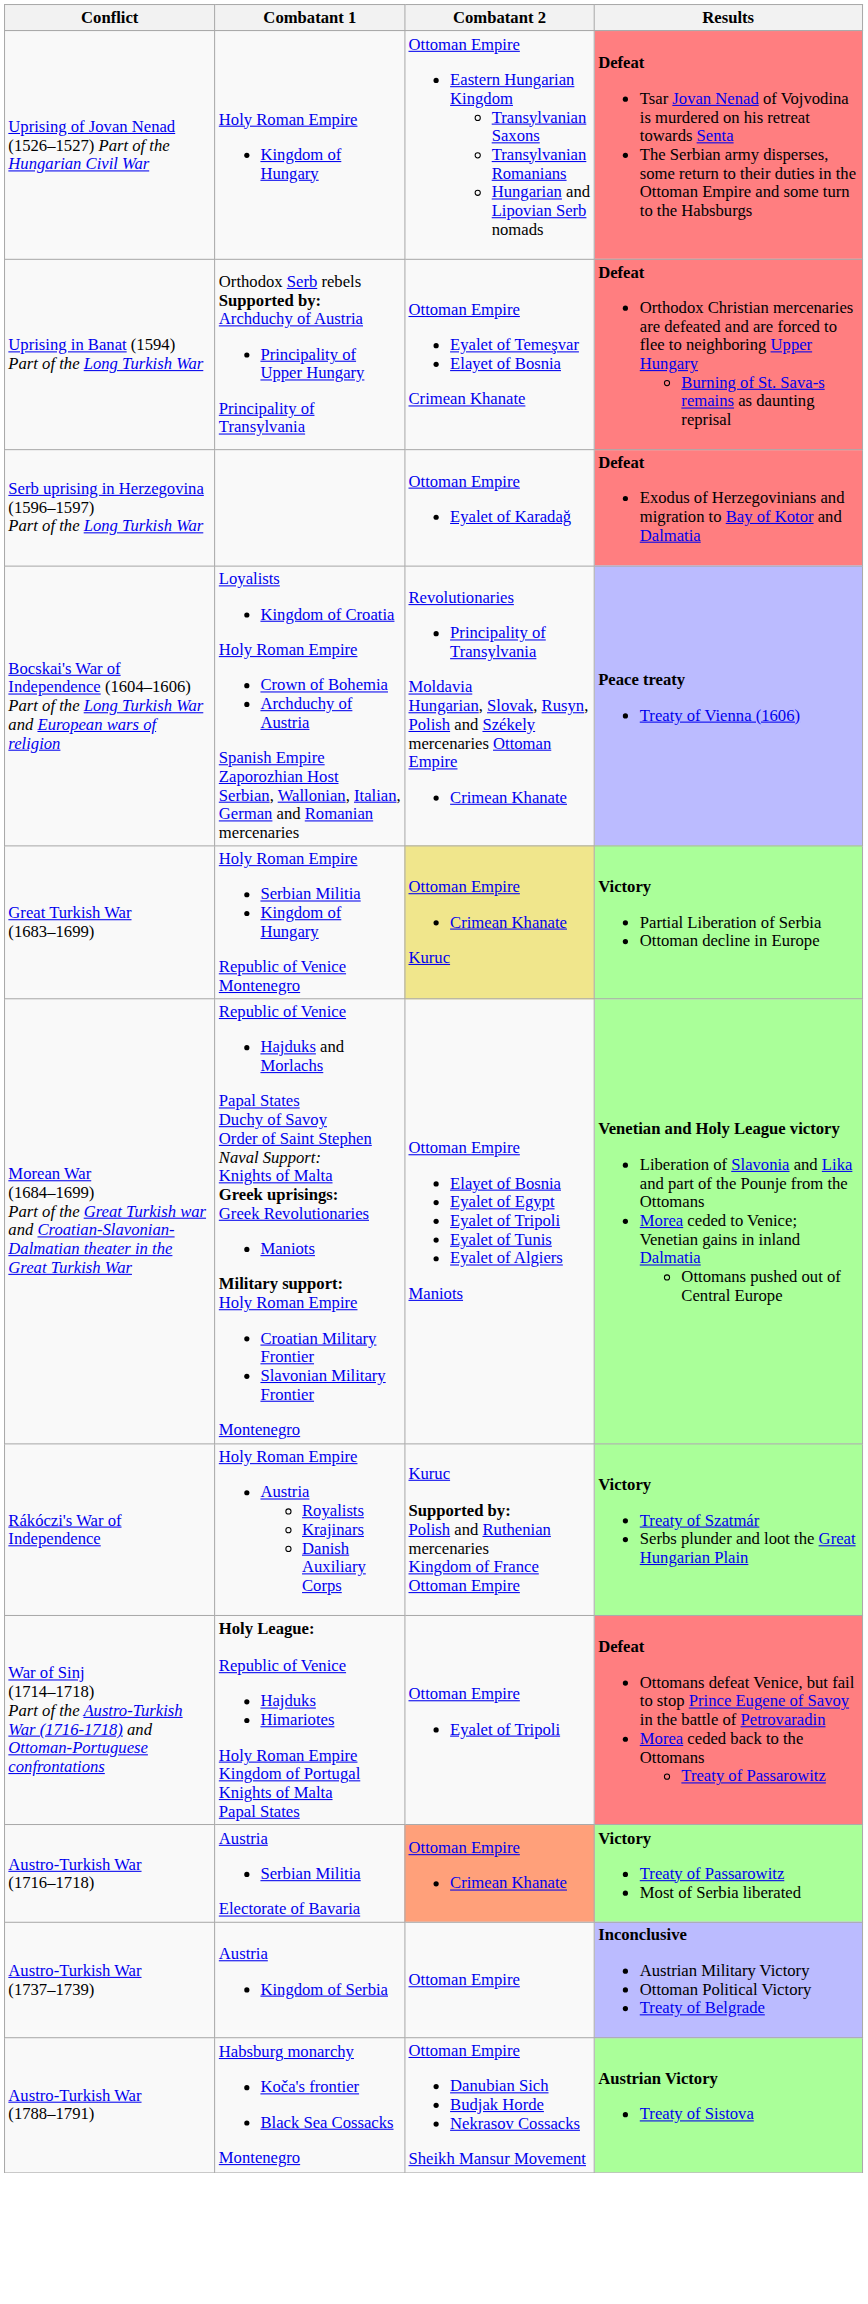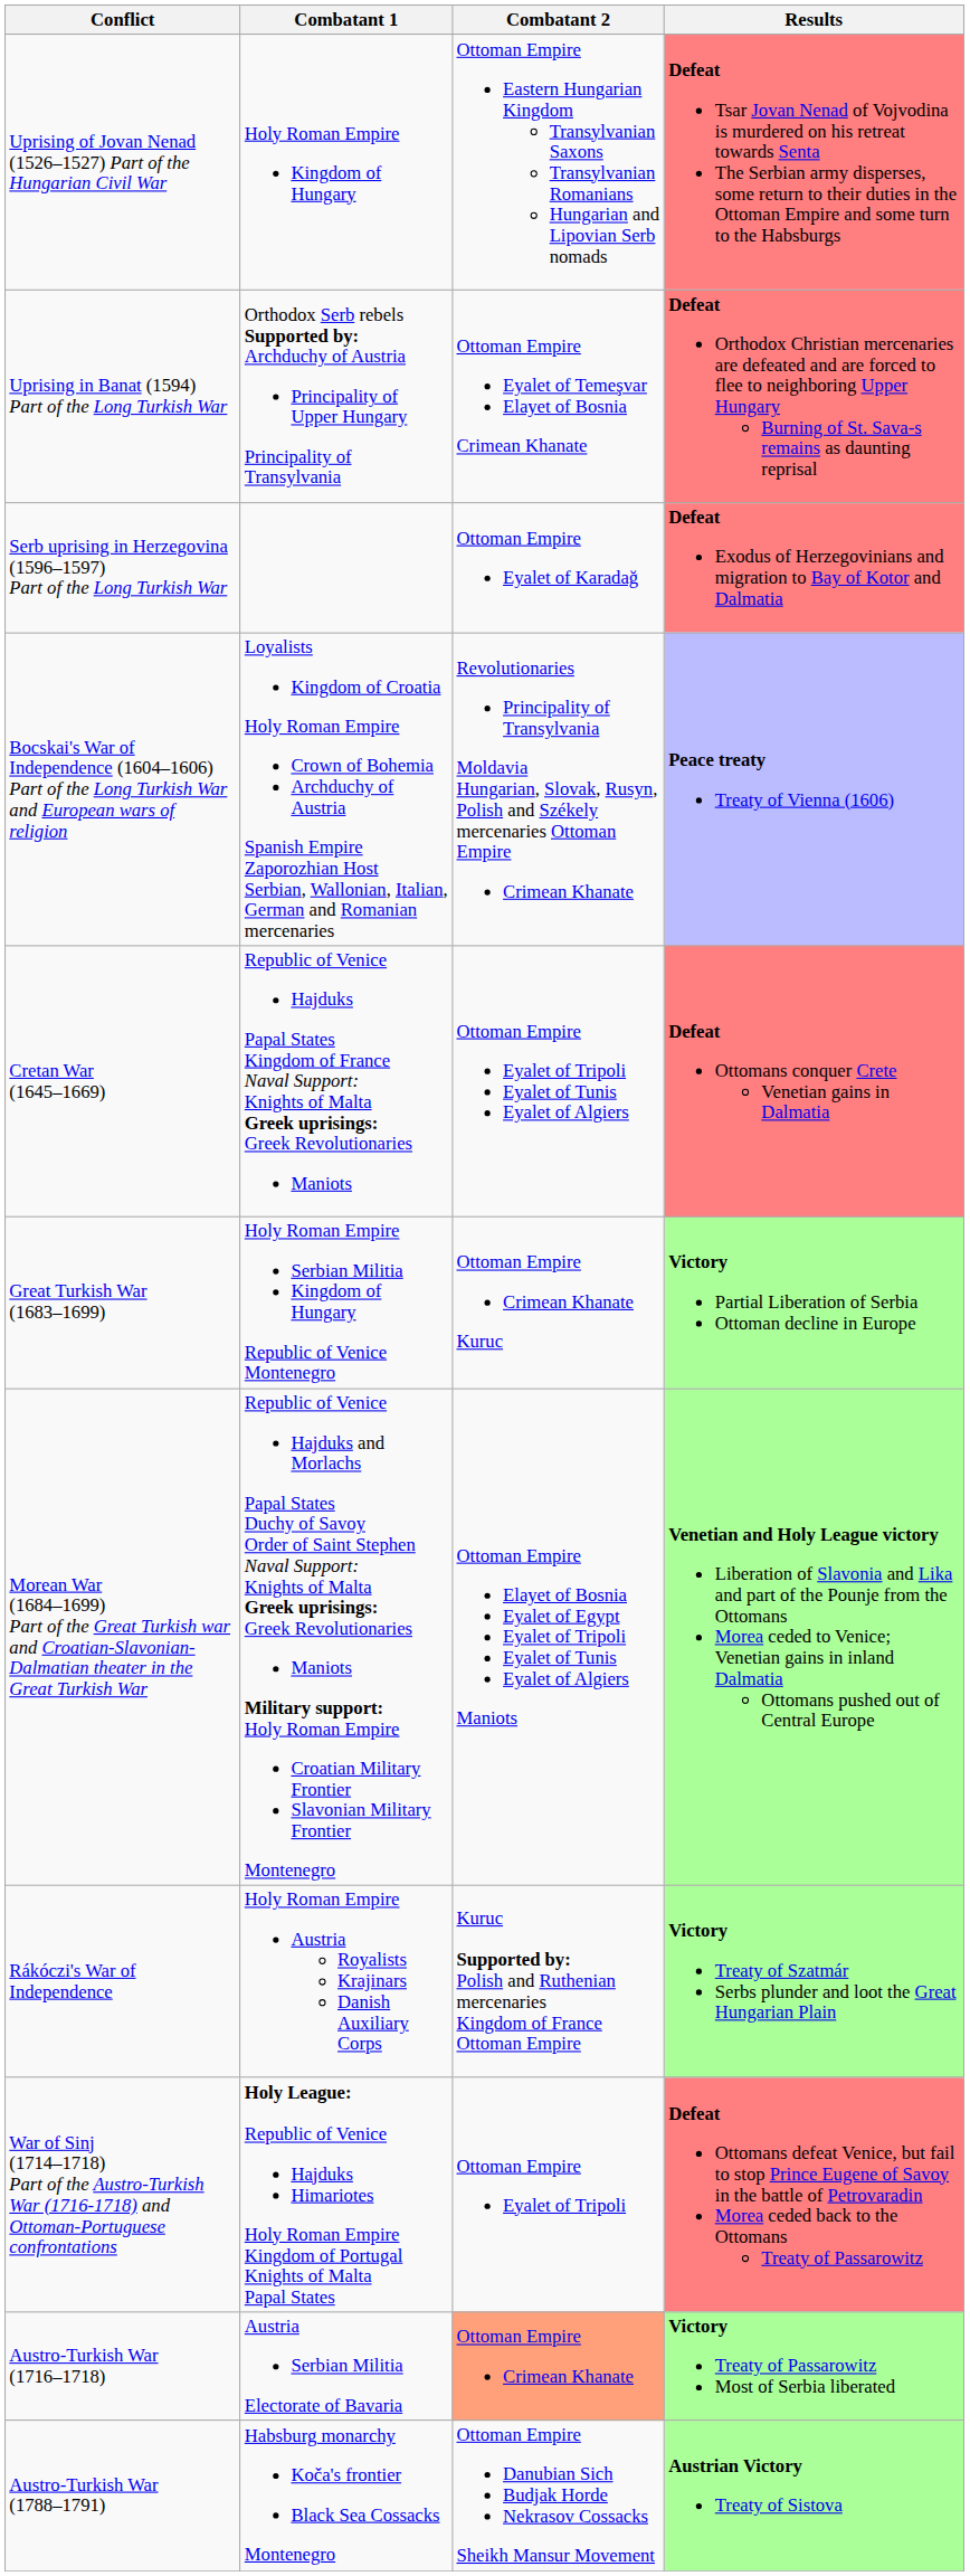 <table class="wikitable">
 <tr>
 <th width="195">Conflict</th>
 <th width="175">Combatant 1</th>
 <th width="175">Combatant 2</th>
 <th width="250">Results</th>
 </tr>
 <tr>
 </tr>
 <tr>
 <td><a href='#'>Uprising of Jovan Nenad</a> (1526–1527) <em>Part of the <a href='#'>Hungarian Civil War</a></em></td>
 <td> <br> <a href='#'>Holy Roman Empire</a><ul><li> <a href='#'>Kingdom of Hungary</a></li></ul></td>
 <td> <a href='#'>Ottoman Empire</a><br><ul><li> <a href='#'>Eastern Hungarian Kingdom</a><ul><li> <a href='#'>Transylvanian Saxons</a></li><li> <a href='#'>Transylvanian Romanians</a></li><li>  <a href='#'>Hungarian</a> and <a href='#'>Lipovian Serb</a> nomads</li></ul></li></ul></td>
 <td style="background:#ff7e80"><strong>Defeat</strong><br><ul><li>Tsar <a href='#'>Jovan Nenad</a> of Vojvodina is murdered on his retreat towards <a href='#'>Senta</a></li><li>The Serbian army disperses, some return to their duties in the Ottoman Empire and some turn to the Habsburgs</li></ul></td>
 </tr>
 <tr>
 <td><a href='#'>Uprising in Banat</a> (1594)<br><em>Part of the <a href='#'>Long Turkish War</a></em></td>
 <td> Orthodox <a href='#'>Serb</a> rebels<br><strong>Supported by:</strong><br> <a href='#'>Archduchy of Austria</a><br><ul><li> <a href='#'>Principality of Upper Hungary</a></li></ul> <a href='#'>Principality of Transylvania</a></td>
 <td> <a href='#'>Ottoman Empire</a><br><ul><li> <a href='#'>Eyalet of Temeşvar</a></li><li> <a href='#'>Elayet of Bosnia</a></li></ul> <a href='#'>Crimean Khanate</a></td>
 <td style="background:#ff7e80"><strong>Defeat</strong><br><ul><li>Orthodox Christian mercenaries are defeated and are forced to flee to neighboring <a href='#'>Upper Hungary</a><ul><li><a href='#'>Burning of St. Sava-s remains</a> as daunting reprisal</li></ul></li></ul></td>
 </tr>
 <tr>
 <td><a href='#'>Serb uprising in Herzegovina</a> (1596–1597)<br><em>Part of the <a href='#'>Long Turkish War</a></em></td>
 <td></td>
 <td> <a href='#'>Ottoman Empire</a><br><ul><li> <a href='#'>Eyalet of Karadağ</a></li></ul></td>
 <td style="background:#ff7e80"><strong>Defeat</strong><br><ul><li>Exodus of Herzegovinians and migration to <a href='#'>Bay of Kotor</a> and <a href='#'>Dalmatia</a></li></ul></td>
 </tr>
 <tr>
 <td><a href='#'>Bocskai's War of Independence</a> (1604–1606) <em>Part of the <a href='#'>Long Turkish War</a> and <a href='#'>European wars of religion</a></em></td>
 <td> <a href='#'>Loyalists</a><br><ul><li> <a href='#'>Kingdom of Croatia</a></li></ul> <a href='#'>Holy Roman Empire</a><ul><li> <a href='#'>Crown of Bohemia</a></li><li> <a href='#'>Archduchy of Austria</a></li></ul> <a href='#'>Spanish Empire</a><br> <a href='#'>Zaporozhian Host</a><br>     <a href='#'>Serbian</a>, <a href='#'>Wallonian</a>, <a href='#'>Italian</a>, <a href='#'>German</a> and <a href='#'>Romanian</a> mercenaries</td>
 <td> <a href='#'>Revolutionaries</a><br><ul><li> <a href='#'>Principality of Transylvania</a></li></ul> <a href='#'>Moldavia</a><br>     <a href='#'>Hungarian</a>, <a href='#'>Slovak</a>, <a href='#'>Rusyn</a>, <a href='#'>Polish</a> and <a href='#'>Székely</a> mercenaries <a href='#'>Ottoman Empire</a><ul><li> <a href='#'>Crimean Khanate</a></li></ul></td>
 <td style="background:#BBF"><strong>Peace treaty</strong><br><ul><li><a href='#'>Treaty of Vienna (1606)</a></li></ul></td>
 </tr>
 <tr>
+<td><a href='#'>Cretan War</a><br>(1645–1669)</td>
+<td>  <a href='#'>Republic of Venice</a><br><ul><li> <a href='#'>Hajduks</a></li></ul> <a href='#'>Papal States</a><br> <a href='#'>Kingdom of France</a><br> <em>Naval Support:</em><br>  <a href='#'>Knights of Malta</a><br> <strong>Greek uprisings:</strong><br>  <a href='#'>Greek Revolutionaries</a><ul><li> <a href='#'>Maniots</a></li></ul></td>
+<td> <a href='#'>Ottoman Empire</a><br><ul><li> <a href='#'>Eyalet of Tripoli</a></li><li> <a href='#'>Eyalet of Tunis</a></li><li> <a href='#'>Eyalet of Algiers</a></li></ul></td>
+<td style="background:#ff7e80"><strong>Defeat</strong><br><ul><li>Ottomans conquer <a href='#'>Crete</a><ul><li>Venetian gains in <a href='#'>Dalmatia</a></li></ul></li></ul></td>
+</tr>
+<tr>
 <td><a href='#'>Great Turkish War</a><br>(1683–1699)</td>
 <td> <a href='#'>Holy Roman Empire</a><br><ul><li> <a href='#'>Serbian Militia</a></li><li> <a href='#'>Kingdom of Hungary</a></li></ul> <a href='#'>Republic of Venice</a><br> <a href='#'>Montenegro</a><br></td>
-<td style="background: khaki;"> <a href='#'>Ottoman Empire</a><br><ul><li> <a href='#'>Crimean Khanate</a></li></ul> <a href='#'>Kuruc</a></td>
+<td> <a href='#'>Ottoman Empire</a><br><ul><li> <a href='#'>Crimean Khanate</a></li></ul> <a href='#'>Kuruc</a></td>
 <td style="background:#AF9"><strong>Victory</strong><br><ul><li>Partial Liberation of Serbia</li><li>Ottoman decline in Europe</li></ul></td>
 </tr>
 <tr>
 <td><a href='#'>Morean War</a><br>(1684–1699)<br><em>Part of the <a href='#'>Great Turkish war</a> and <a href='#'>Croatian-Slavonian-Dalmatian theater in the Great Turkish War</a></em></td>
 <td>  <a href='#'>Republic of Venice</a><br><ul><li>   <a href='#'>Hajduks</a> and <a href='#'>Morlachs</a></li></ul> <a href='#'>Papal States</a><br> <a href='#'>Duchy of Savoy</a><br> <a href='#'>Order of Saint Stephen</a><br> <em>Naval Support:</em><br>  <a href='#'>Knights of Malta</a><br> <strong>Greek uprisings:</strong><br>  <a href='#'>Greek Revolutionaries</a><ul><li> <a href='#'>Maniots</a></li></ul><strong>Military support:</strong><br>  <a href='#'>Holy Roman Empire</a><ul><li> <a href='#'>Croatian Military Frontier</a></li><li> <a href='#'>Slavonian Military Frontier</a></li></ul> <a href='#'>Montenegro</a></td>
 <td> <a href='#'>Ottoman Empire</a><br><ul><li> <a href='#'>Elayet of Bosnia</a></li><li> <a href='#'>Eyalet of Egypt</a></li><li> <a href='#'>Eyalet of Tripoli</a></li><li> <a href='#'>Eyalet of Tunis</a></li><li> <a href='#'>Eyalet of Algiers</a></li></ul> <a href='#'>Maniots</a></td>
 <td style="background:#AF9"><strong>Venetian and Holy League victory</strong><br><ul><li>Liberation of <a href='#'>Slavonia</a> and <a href='#'>Lika</a> and part of the Pounje from the Ottomans</li><li><a href='#'>Morea</a> ceded to Venice; Venetian gains in inland <a href='#'>Dalmatia</a><ul><li>Ottomans pushed out of Central Europe</li></ul></li></ul></td>
 </tr>
 <tr>
 <td><a href='#'>Rákóczi's War of Independence</a></td>
 <td> <a href='#'>Holy Roman Empire</a><br><ul><li> <a href='#'>Austria</a><ul><li> <a href='#'>Royalists</a></li><li> <a href='#'>Krajinars</a></li><li> <a href='#'>Danish Auxiliary Corps</a></li></ul></li></ul></td>
 <td> <a href='#'>Kuruc</a><br><br><strong>Supported by:</strong><br>  <a href='#'>Polish</a> and <a href='#'>Ruthenian</a> mercenaries<br> <a href='#'>Kingdom of France</a><br> <a href='#'>Ottoman Empire</a></td>
 <td style="background:#AF9"><strong>Victory</strong><br><ul><li><a href='#'>Treaty of Szatmár</a></li><li>Serbs plunder and loot the <a href='#'>Great Hungarian Plain</a></li></ul></td>
 </tr>
 <tr>
 <td><a href='#'>War of Sinj</a><br>(1714–1718)<br><em>Part of the <a href='#'>Austro-Turkish War (1716-1718)</a> and <a href='#'>Ottoman-Portuguese confrontations</a></em></td>
 <td><strong>Holy League:</strong><br><br>  <a href='#'>Republic of Venice</a><ul><li> <a href='#'>Hajduks</a></li><li> <a href='#'>Himariotes</a></li></ul> <a href='#'>Holy Roman Empire</a><br> <a href='#'>Kingdom of Portugal</a><br> <a href='#'>Knights of Malta</a><br> <a href='#'>Papal States</a></td>
 <td> <a href='#'>Ottoman Empire</a><br><ul><li> <a href='#'>Eyalet of Tripoli</a></li></ul></td>
 <td style="background:#ff7e80"><strong>Defeat</strong><br><ul><li>Ottomans defeat Venice, but fail to stop <a href='#'>Prince Eugene of Savoy</a> in the battle of <a href='#'>Petrovaradin</a></li><li><a href='#'>Morea</a> ceded back to the Ottomans<ul><li><a href='#'>Treaty of Passarowitz</a></li></ul></li></ul></td>
 </tr>
 <tr>
 <td><a href='#'>Austro-Turkish War</a><br>(1716–1718)</td>
 <td> <a href='#'>Austria</a><br><ul><li> <a href='#'>Serbian Militia</a></li></ul> <a href='#'>Electorate of Bavaria</a></td>
 <td style="background: lightsalmon;"> <a href='#'>Ottoman Empire</a><br><ul><li> <a href='#'>Crimean Khanate</a></li></ul></td>
 <td style="background:#AF9"><strong>Victory</strong><br><ul><li><a href='#'>Treaty of Passarowitz</a></li><li>Most of Serbia liberated</li></ul></td>
 </tr>
 <tr>
-<td><a href='#'>Austro-Turkish War</a><br>(1737–1739)</td>
-<td> <a href='#'>Austria</a><br><ul><li> <a href='#'>Kingdom of Serbia</a></li></ul></td>
-<td> <a href='#'>Ottoman Empire</a></td>
-<td style="background:#BBF"><strong>Inconclusive</strong><br><ul><li>Austrian Military Victory</li><li>Ottoman Political Victory</li><li><a href='#'>Treaty of Belgrade</a></li></ul></td>
-</tr>
-<tr>
 <td><a href='#'>Austro-Turkish War</a><br>(1788–1791)</td>
 <td> <a href='#'>Habsburg monarchy</a><br><ul><li> <a href='#'>Koča's frontier</a></li></ul><ul><li> <a href='#'>Black Sea Cossacks</a></li></ul> <a href='#'>Montenegro</a></td>
 <td> <a href='#'>Ottoman Empire</a><br><ul><li> <a href='#'>Danubian Sich</a></li><li> <a href='#'>Budjak Horde</a></li><li><a href='#'>Nekrasov Cossacks</a></li></ul> <a href='#'>Sheikh Mansur Movement</a></td>
 <td style="background:#AF9"><strong>Austrian Victory</strong><br><ul><li><a href='#'>Treaty of Sistova</a></li></ul></td>
 </tr>
 </table>
